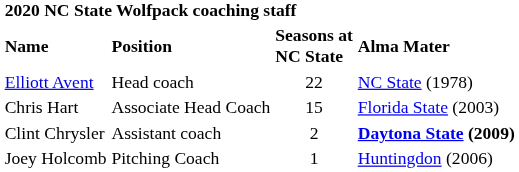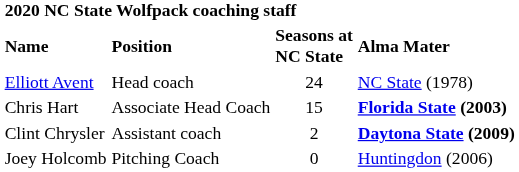 <table class="toccolours" style="text-align: left; font-size:90%;">
 <tr>
 <th colspan="9">2020 NC State Wolfpack coaching staff</th>
 </tr>
 <tr>
 <th>Name</th>
 <th>Position</th>
 <th>Seasons at<br>NC State</th>
 <th>Alma Mater</th>
 </tr>
 <tr>
 <td><a href='#'>Elliott Avent</a></td>
 <td>Head coach</td>
-<td align=center>22</td>
+<td align=center>24</td>
 <td><a href='#'>NC State</a> (1978)</td>
 </tr>
 <tr>
 <td>Chris Hart</td>
 <td>Associate Head Coach</td>
 <td align=center>15</td>
-<td><a href='#'>Florida State</a> (2003)</td>
+<td><strong><a href='#'>Florida State</a> (2003)</strong></td>
 </tr>
 <tr>
 <td>Clint Chrysler</td>
 <td>Assistant coach</td>
 <td align=center>2</td>
 <td><strong><a href='#'>Daytona State</a> (2009)</strong></td>
 </tr>
 <tr>
 <td>Joey Holcomb</td>
 <td>Pitching Coach</td>
-<td align=center>1</td>
+<td align=center>0</td>
 <td><a href='#'>Huntingdon</a> (2006)</td>
 </tr>
 </table>
